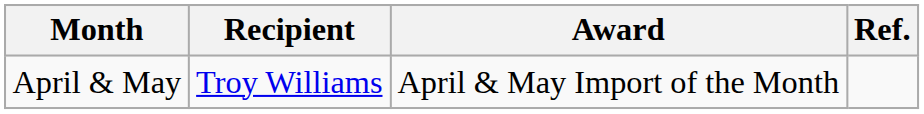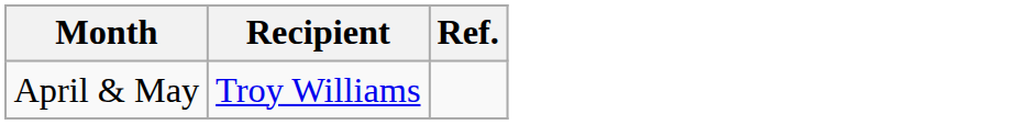 <table class="wikitable">
 <tr>
 <th>Month</th>
 <th>Recipient</th>
-<th>Award</th>
 <th>Ref.</th>
 </tr>
 <tr>
 <td>April & May</td>
 <td><a href='#'>Troy Williams</a></td>
-<td>April & May Import of the Month</td>
 <td></td>
 </tr>
 </table>
